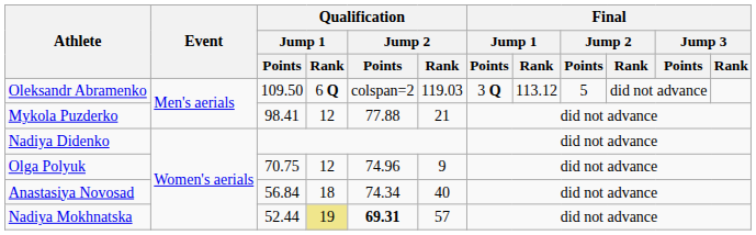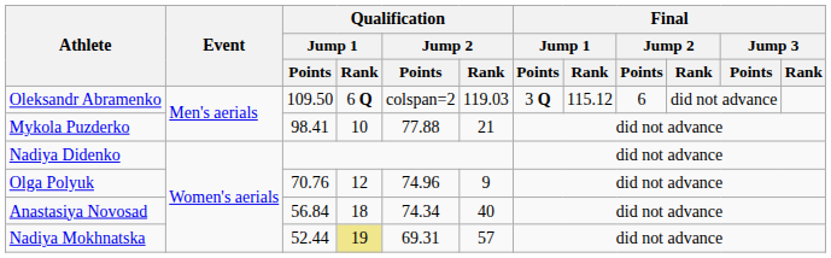 <table class="wikitable" style="font-size:90%">
 <tr>
 <th rowspan="3">Athlete</th>
 <th rowspan="3">Event</th>
 <th colspan="4">Qualification</th>
 <th colspan="6">Final</th>
 </tr>
 <tr style="font-size:95%">
 <th colspan=2>Jump 1</th>
 <th colspan=2>Jump 2</th>
 <th colspan=2>Jump 1</th>
 <th colspan=2>Jump 2</th>
 <th colspan=2>Jump 3</th>
 </tr>
 <tr style="font-size:95%">
 <th>Points</th>
 <th>Rank</th>
 <th>Points</th>
 <th>Rank</th>
 <th>Points</th>
 <th>Rank</th>
 <th>Points</th>
 <th>Rank</th>
 <th>Points</th>
 <th>Rank</th>
 </tr>
 <tr align=center>
 <td align=left><a href='#'>Oleksandr Abramenko</a></td>
 <td align=left rowspan=2><a href='#'>Men's aerials</a></td>
 <td>109.50</td>
 <td>6 <strong>Q</strong></td>
 <td>colspan=2 </td>
 <td>119.03</td>
 <td>3 <strong>Q</strong></td>
-<td>113.12</td>
-<td>5</td>
+<td>115.12</td>
+<td>6</td>
 <td colspan=2>did not advance</td>
 </tr>
 <tr align=center>
 <td align=left><a href='#'>Mykola Puzderko</a></td>
 <td>98.41</td>
-<td>12</td>
+<td>10</td>
 <td>77.88</td>
 <td>21</td>
 <td colspan=6>did not advance</td>
 </tr>
 <tr align=center>
 <td align=left><a href='#'>Nadiya Didenko</a></td>
 <td align=left rowspan=4><a href='#'>Women's aerials</a></td>
 <td colspan=4></td>
 <td colspan=6>did not advance</td>
 </tr>
 <tr align=center>
 <td align=left><a href='#'>Olga Polyuk</a></td>
-<td>70.75</td>
+<td>70.76</td>
 <td>12</td>
 <td>74.96</td>
 <td>9</td>
 <td colspan=6>did not advance</td>
 </tr>
 <tr align=center>
 <td align=left><a href='#'>Anastasiya Novosad</a></td>
 <td>56.84</td>
 <td>18</td>
 <td>74.34</td>
 <td>40</td>
 <td colspan=6>did not advance</td>
 </tr>
 <tr align=center>
 <td align=left><a href='#'>Nadiya Mokhnatska</a></td>
 <td>52.44</td>
 <td style="background: khaki;">19</td>
-<td><strong>69.31</strong></td>
+<td>69.31</td>
 <td>57</td>
 <td colspan=6>did not advance</td>
 </tr>
 </table>
